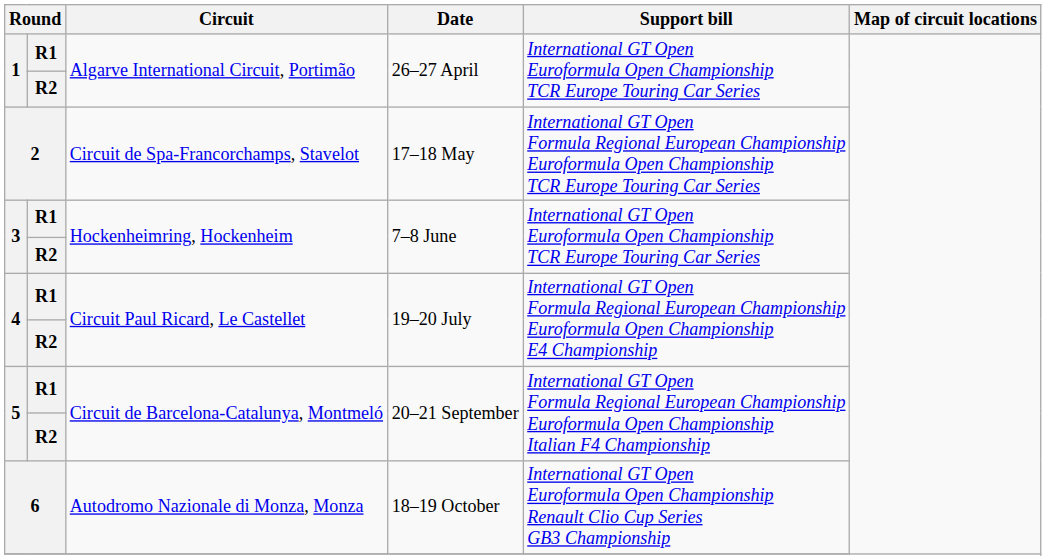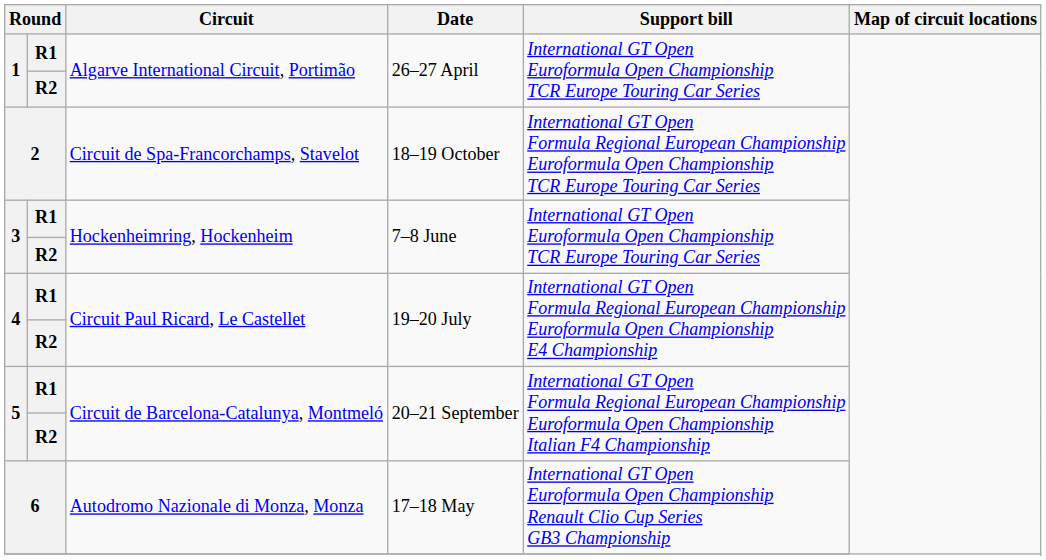 <table class="wikitable" style="font-size: 85%;">
 <tr>
 <th colspan="2">Round</th>
 <th>Circuit</th>
 <th>Date</th>
 <th>Support bill</th>
 <th>Map of circuit locations</th>
 </tr>
 <tr>
 <th rowspan="2">1</th>
 <th>R1</th>
 <td rowspan="2"> <a href='#'>Algarve International Circuit</a>, <a href='#'>Portimão</a></td>
 <td rowspan="2">26–27 April</td>
 <td rowspan="2"><em><a href='#'>International GT Open</a><br><a href='#'>Euroformula Open Championship</a><br><a href='#'>TCR Europe Touring Car Series</a></em></td>
 <td rowspan="14"></td>
 </tr>
 <tr>
 <th>R2</th>
 </tr>
 <tr>
 <th colspan="2">2</th>
 <td> <a href='#'>Circuit de Spa-Francorchamps</a>, <a href='#'>Stavelot</a></td>
-<td>17–18 May</td>
+<td>18–19 October</td>
 <td><em><a href='#'>International GT Open</a><br><a href='#'>Formula Regional European Championship</a><br><a href='#'>Euroformula Open Championship</a><br><a href='#'>TCR Europe Touring Car Series</a></em></td>
 </tr>
 <tr>
 <th rowspan="2">3</th>
 <th>R1</th>
 <td rowspan="2"> <a href='#'>Hockenheimring</a>, <a href='#'>Hockenheim</a></td>
 <td rowspan="2">7–8 June</td>
 <td rowspan="2"><em><a href='#'>International GT Open</a><br><a href='#'>Euroformula Open Championship</a><br><a href='#'>TCR Europe Touring Car Series</a></em></td>
 </tr>
 <tr>
 <th>R2</th>
 </tr>
 <tr>
 <th rowspan="2">4</th>
 <th>R1</th>
 <td rowspan="2"> <a href='#'>Circuit Paul Ricard</a>, <a href='#'>Le Castellet</a></td>
 <td rowspan="2">19–20 July</td>
 <td rowspan="2"><em><a href='#'>International GT Open</a><br><a href='#'>Formula Regional European Championship</a><br><a href='#'>Euroformula Open Championship</a><br><a href='#'>E4 Championship</a></em></td>
 </tr>
 <tr>
 <th>R2</th>
 </tr>
 <tr>
 <th rowspan="2">5</th>
 <th>R1</th>
 <td rowspan="2"> <a href='#'>Circuit de Barcelona-Catalunya</a>, <a href='#'>Montmeló</a></td>
 <td rowspan="2">20–21 September</td>
 <td rowspan="2"><em><a href='#'>International GT Open</a><br><a href='#'>Formula Regional European Championship</a><br><a href='#'>Euroformula Open Championship</a><br><a href='#'>Italian F4 Championship</a></em></td>
 </tr>
 <tr>
 <th>R2</th>
 </tr>
 <tr>
 <th colspan="2">6</th>
 <td> <a href='#'>Autodromo Nazionale di Monza</a>, <a href='#'>Monza</a></td>
-<td>18–19 October</td>
+<td>17–18 May</td>
 <td><em><a href='#'>International GT Open</a><br><a href='#'>Euroformula Open Championship</a><br><a href='#'>Renault Clio Cup Series</a><br><a href='#'>GB3 Championship</a></em></td>
 </tr>
 <tr>
 </tr>
 </table>
